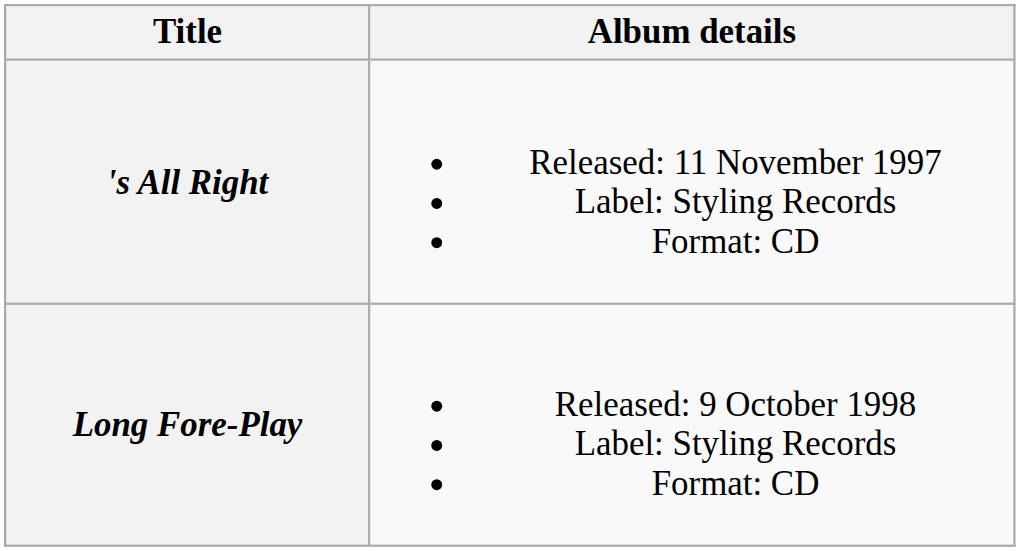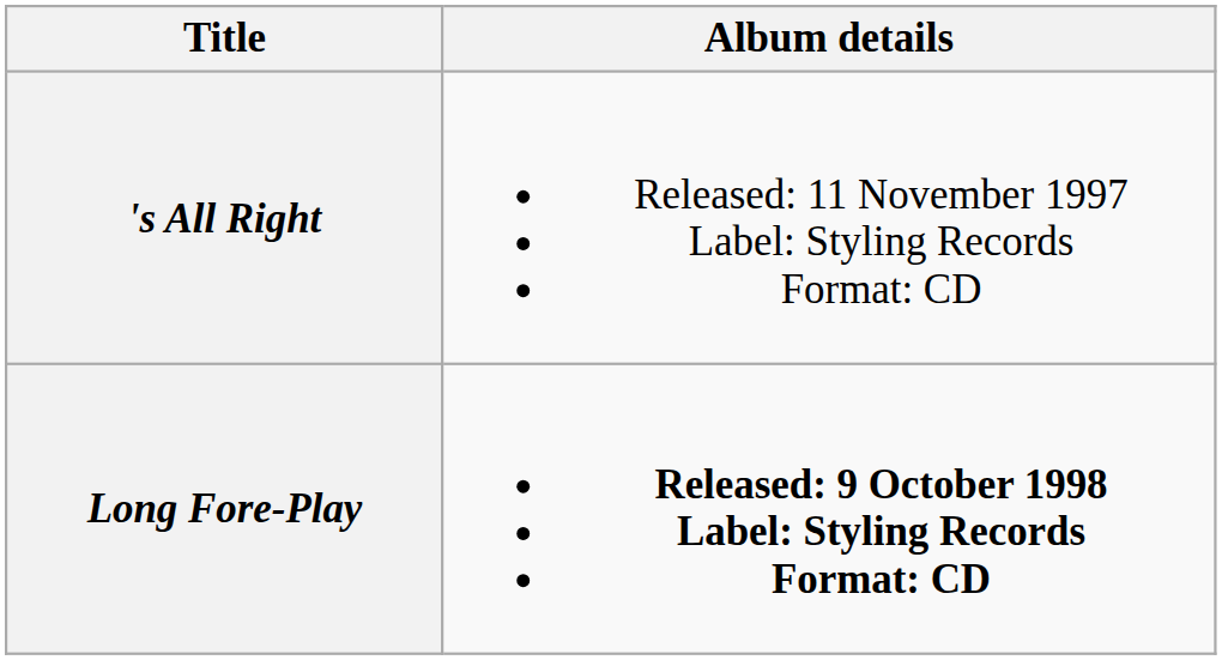 <table class="wikitable plainrowheaders" style="text-align:center;">
 <tr>
 <th scope="col" style="width:10em;">Title</th>
 <th scope="col" style="width:18em;">Album details</th>
 </tr>
 <tr>
 <th scope="row"><em> 's All Right</em></th>
 <td><br><ul><li>Released: 11 November 1997</li><li>Label: Styling Records</li><li>Format: CD</li></ul></td>
 </tr>
 <tr>
 <th scope="row"><em>Long Fore-Play</em></th>
-<td><br><ul><li>Released: 9 October 1998</li><li>Label: Styling Records</li><li>Format: CD</li></ul></td>
+<td><strong><br><ul><li>Released: 9 October 1998</li><li>Label: Styling Records</li><li>Format: CD</li></ul></strong></td>
 </tr>
 </table>
